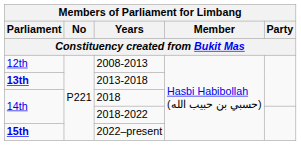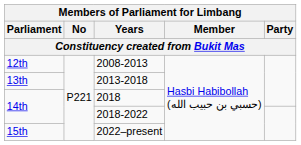 <table class=wikitable>
 <tr>
 <th colspan="5">Members of Parliament for Limbang</th>
 </tr>
 <tr>
 <th>Parliament</th>
 <th>No</th>
 <th>Years</th>
 <th>Member</th>
 <th>Party</th>
 </tr>
 <tr>
 <th colspan="5" align="center"><em>Constituency created from <a href='#'>Bukit Mas</a></em></th>
 </tr>
 <tr>
 <td><a href='#'>12th</a></td>
 <td rowspan="5">P221</td>
 <td>2008-2013</td>
 <td rowspan="5"><a href='#'>Hasbi Habibollah</a>  <br>(حسبي بن حبيب الله)</td>
 <td rowspan=3></td>
 </tr>
 <tr>
-<td><strong><a href='#'>13th</a></strong></td>
+<td><a href='#'>13th</a></td>
 <td>2013-2018</td>
 </tr>
 <tr>
 <td rowspan=2><a href='#'>14th</a></td>
 <td>2018</td>
 </tr>
 <tr>
 <td>2018-2022</td>
 <td rowspan="2"></td>
 </tr>
 <tr>
-<td><strong><a href='#'>15th</a></strong></td>
+<td><a href='#'>15th</a></td>
 <td>2022–present</td>
 </tr>
 </table>
